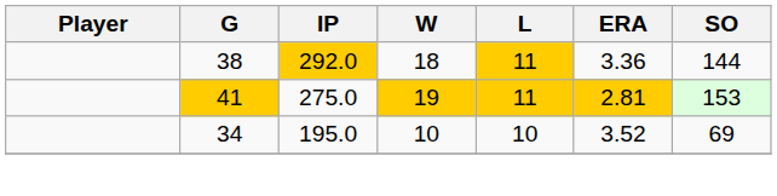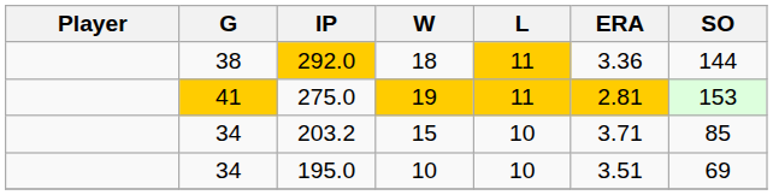 <table class="wikitable sortable">
 <tr>
 <th bgcolor="#DDDDFF" width="16%">Player</th>
 <th bgcolor="#DDDDFF" width="9%">G</th>
 <th bgcolor="#DDDDFF" width="9%">IP</th>
 <th bgcolor="#DDDDFF" width="9%">W</th>
 <th bgcolor="#DDDDFF" width="9%">L</th>
 <th bgcolor="#DDDDFF" width="9%">ERA</th>
 <th bgcolor="#DDDDFF" width="9%">SO</th>
 </tr>
 <tr align="center">
 <td></td>
 <td>38</td>
 <td style="background:#fc0;">292.0</td>
 <td>18</td>
 <td style="background:#fc0;">11</td>
 <td>3.36</td>
 <td>144</td>
 </tr>
 <tr align="center">
 <td></td>
 <td style="background:#fc0;">41</td>
 <td>275.0</td>
 <td style="background:#fc0;">19</td>
 <td style="background:#fc0;">11</td>
 <td style="background:#fc0;">2.81</td>
 <td style="background:#DDFFDD;">153</td>
 </tr>
 <tr align="center">
 <td></td>
 <td>34</td>
+<td>203.2</td>
+<td>15</td>
+<td>10</td>
+<td>3.71</td>
+<td>85</td>
+</tr>
+<tr align="center">
+<td></td>
+<td>34</td>
 <td>195.0</td>
 <td>10</td>
 <td>10</td>
-<td>3.52</td>
+<td>3.51</td>
 <td>69</td>
 </tr>
 <tr align="center">
 </tr>
 </table>
